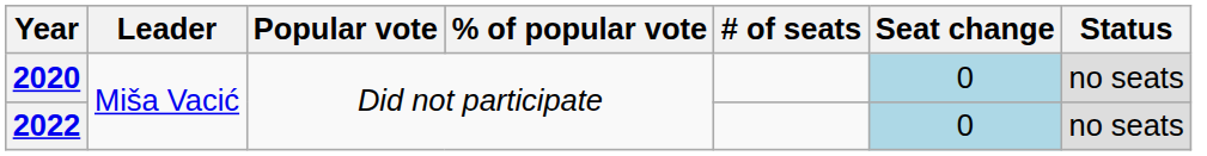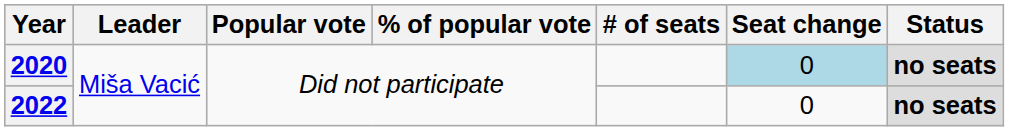 <table class="wikitable" style="text-align:center">
 <tr>
 <th>Year</th>
 <th>Leader</th>
 <th>Popular vote</th>
 <th>% of popular vote</th>
 <th># of seats</th>
 <th>Seat change</th>
 <th>Status</th>
 </tr>
 <tr>
 <th><a href='#'>2020</a></th>
 <td rowspan="2"><a href='#'>Miša Vacić</a></td>
 <td colspan="2" rowspan="2"><em>Did not participate</em></td>
 <td></td>
 <td style="background: lightblue;"> 0</td>
-<td style="background:#ddd;">no seats</td>
+<td style="background:#ddd;"><strong>no seats</strong></td>
 </tr>
 <tr>
 <th><a href='#'>2022</a></th>
 <td></td>
-<td style="background: lightblue;"> 0</td>
-<td style="background:#ddd;">no seats</td>
+<td> 0</td>
+<td style="background:#ddd;"><strong>no seats</strong></td>
 </tr>
 </table>
